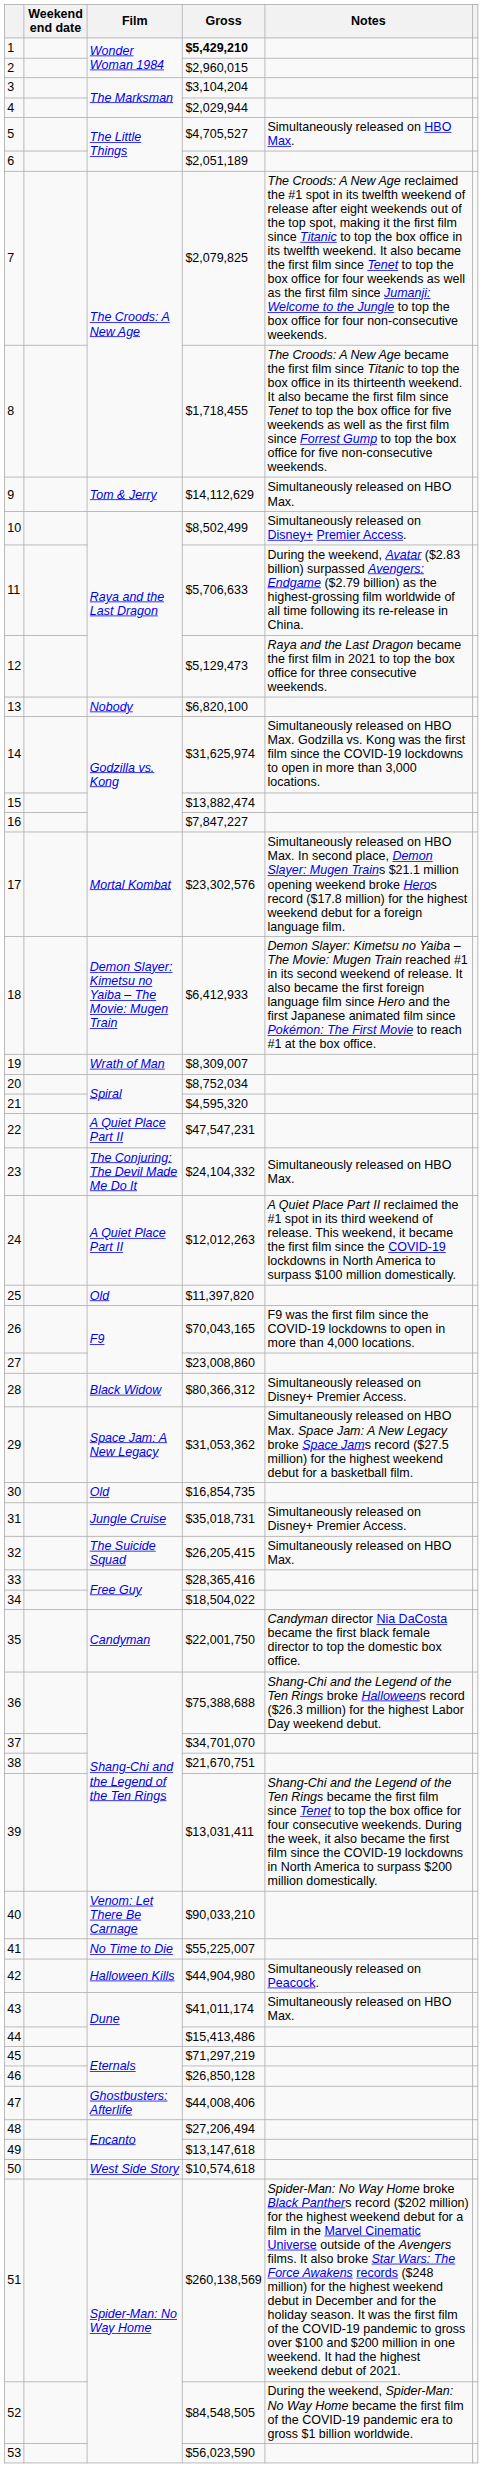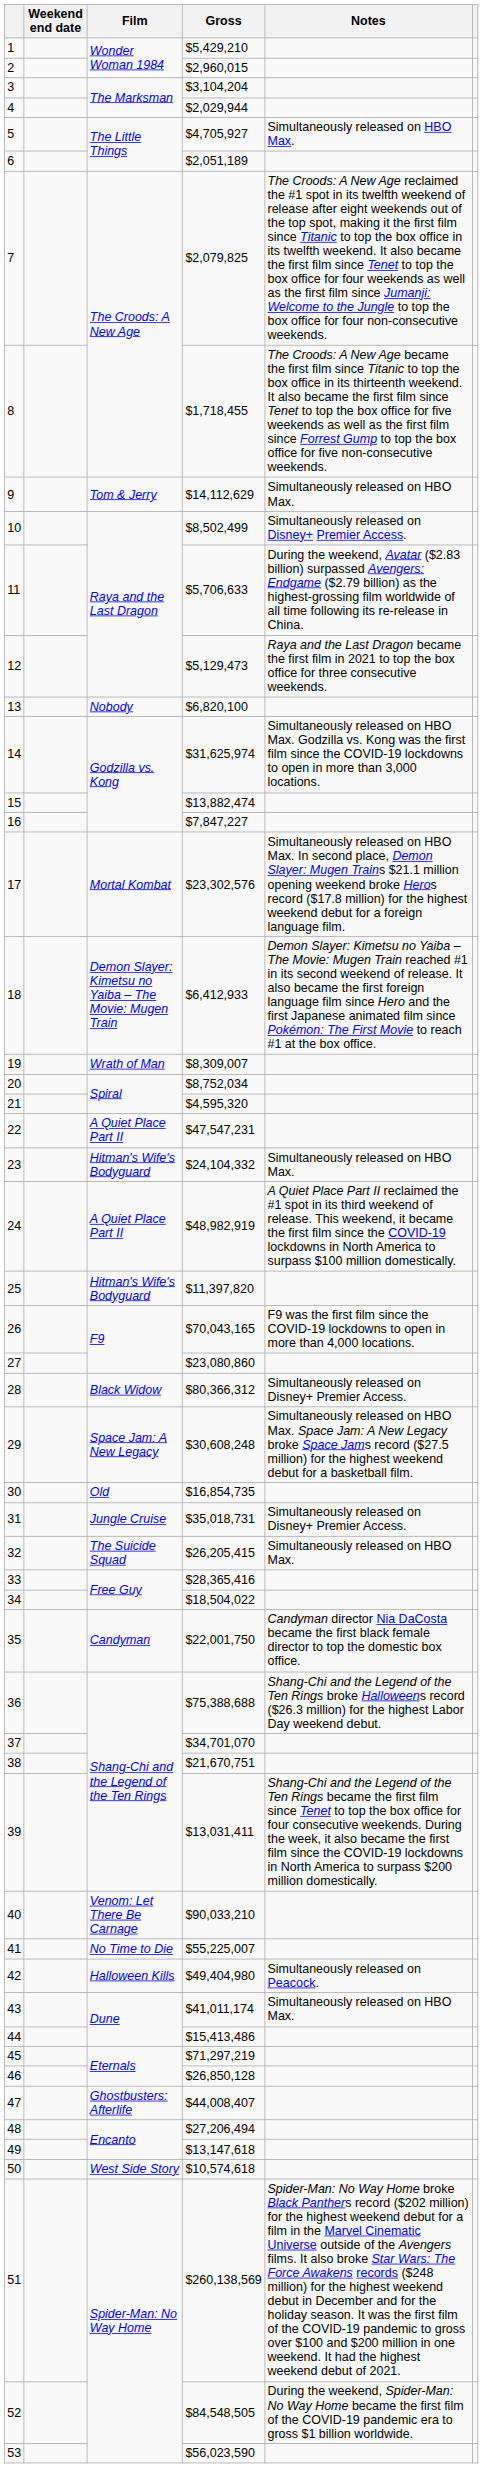 <table class="wikitable sortable">
 <tr>
 <th></th>
 <th>Weekend end date</th>
 <th>Film</th>
 <th>Gross</th>
 <th>Notes</th>
 <th class="unsortable"></th>
 </tr>
 <tr>
 <td>1</td>
 <td></td>
 <td rowspan="2"><em><a href='#'>Wonder Woman 1984</a></em></td>
-<td><strong>$5,429,210</strong></td>
+<td>$5,429,210</td>
 <td></td>
 <td></td>
 </tr>
 <tr>
 <td>2</td>
 <td></td>
 <td>$2,960,015</td>
 <td></td>
 <td></td>
 </tr>
 <tr>
 <td>3</td>
 <td></td>
 <td rowspan='2'><em><a href='#'>The Marksman</a></em></td>
 <td>$3,104,204</td>
 <td></td>
 <td></td>
 </tr>
 <tr>
 <td>4</td>
 <td></td>
 <td>$2,029,944</td>
 <td></td>
 <td></td>
 </tr>
 <tr>
 <td>5</td>
 <td></td>
 <td rowspan='2'><em><a href='#'>The Little Things</a></em></td>
-<td>$4,705,527</td>
+<td>$4,705,927</td>
 <td>Simultaneously released on <a href='#'>HBO Max</a>.</td>
 <td></td>
 </tr>
 <tr>
 <td>6</td>
 <td></td>
 <td>$2,051,189</td>
 <td></td>
 <td></td>
 </tr>
 <tr>
 <td>7</td>
 <td></td>
 <td rowspan='2'><em><a href='#'>The Croods: A New Age</a></em></td>
 <td>$2,079,825</td>
 <td><em>The Croods: A New Age</em> reclaimed the #1 spot in its twelfth weekend of release after eight weekends out of the top spot, making it the first film since <em><a href='#'>Titanic</a></em> to top the box office in its twelfth weekend. It also became the first film since <em><a href='#'>Tenet</a></em> to top the box office for four weekends as well as the first film since <em><a href='#'>Jumanji: Welcome to the Jungle</a></em> to top the box office for four non-consecutive weekends.</td>
 <td></td>
 </tr>
 <tr>
 <td>8</td>
 <td></td>
 <td>$1,718,455</td>
 <td><em>The Croods: A New Age</em> became the first film since <em>Titanic</em> to top the box office in its thirteenth weekend. It also became the first film since <em>Tenet</em> to top the box office for five weekends as well as the first film since <em><a href='#'>Forrest Gump</a></em> to top the box office for five non-consecutive weekends.</td>
 <td></td>
 </tr>
 <tr>
 <td>9</td>
 <td></td>
 <td><em><a href='#'>Tom & Jerry</a></em></td>
 <td>$14,112,629</td>
 <td>Simultaneously released on HBO Max.</td>
 <td></td>
 </tr>
 <tr>
 <td>10</td>
 <td></td>
 <td rowspan='3'><em><a href='#'>Raya and the Last Dragon</a></em></td>
 <td>$8,502,499</td>
 <td>Simultaneously released on <a href='#'>Disney+</a> <a href='#'>Premier Access</a>.</td>
 <td></td>
 </tr>
 <tr>
 <td>11</td>
 <td></td>
 <td>$5,706,633</td>
 <td>During the weekend, <em><a href='#'>Avatar</a></em> ($2.83 billion) surpassed <em><a href='#'>Avengers: Endgame</a></em> ($2.79 billion) as the highest-grossing film worldwide of all time following its re-release in China.</td>
 <td></td>
 </tr>
 <tr>
 <td>12</td>
 <td></td>
 <td>$5,129,473</td>
 <td><em>Raya and the Last Dragon</em> became the first film in 2021 to top the box office for three consecutive weekends.</td>
 <td></td>
 </tr>
 <tr>
 <td>13</td>
 <td></td>
 <td><em><a href='#'>Nobody</a></em></td>
 <td>$6,820,100</td>
 <td></td>
 <td></td>
 </tr>
 <tr>
 <td>14</td>
 <td></td>
 <td rowspan="3"><em><a href='#'>Godzilla vs. Kong</a></em></td>
 <td>$31,625,974</td>
 <td>Simultaneously released on HBO Max. Godzilla vs. Kong was the first film since the COVID-19 lockdowns to open in more than 3,000 locations.</td>
 <td></td>
 </tr>
 <tr>
 <td>15</td>
 <td></td>
 <td>$13,882,474</td>
 <td></td>
 <td></td>
 </tr>
 <tr>
 <td>16</td>
 <td></td>
 <td>$7,847,227</td>
 <td></td>
 <td></td>
 </tr>
 <tr>
 <td>17</td>
 <td></td>
 <td><em><a href='#'>Mortal Kombat</a></em></td>
 <td>$23,302,576</td>
 <td>Simultaneously released on HBO Max. In second place, <em><a href='#'>Demon Slayer: Mugen Train</a></em>s $21.1 million opening weekend broke <em><a href='#'>Hero</a></em>s record ($17.8 million) for the highest weekend debut for a foreign language film.</td>
 <td></td>
 </tr>
 <tr>
 <td>18</td>
 <td></td>
 <td><em><a href='#'>Demon Slayer: Kimetsu no Yaiba – The Movie: Mugen Train</a></em></td>
 <td>$6,412,933</td>
 <td><em>Demon Slayer: Kimetsu no Yaiba – The Movie: Mugen Train</em> reached #1 in its second weekend of release. It also became the first foreign language film since <em>Hero</em> and the first Japanese animated film since <em><a href='#'>Pokémon: The First Movie</a></em> to reach #1 at the box office.</td>
 <td></td>
 </tr>
 <tr>
 <td>19</td>
 <td></td>
 <td><em><a href='#'>Wrath of Man</a></em></td>
 <td>$8,309,007</td>
 <td></td>
 <td></td>
 </tr>
 <tr>
 <td>20</td>
 <td></td>
 <td rowspan="2"><em><a href='#'>Spiral</a></em></td>
 <td>$8,752,034</td>
 <td></td>
 <td></td>
 </tr>
 <tr>
 <td>21</td>
 <td></td>
 <td>$4,595,320</td>
 <td></td>
 <td></td>
 </tr>
 <tr>
 <td>22</td>
 <td></td>
 <td><em><a href='#'>A Quiet Place Part II</a></em></td>
 <td>$47,547,231</td>
 <td></td>
 <td></td>
 </tr>
 <tr>
 <td>23</td>
 <td></td>
-<td><em><a href='#'>The Conjuring: The Devil Made Me Do It</a></em></td>
+<td><em><a href='#'>Hitman's Wife's Bodyguard</a></em></td>
 <td>$24,104,332</td>
 <td>Simultaneously released on HBO Max.</td>
 <td></td>
 </tr>
 <tr>
 <td>24</td>
 <td></td>
 <td><em><a href='#'>A Quiet Place Part II</a></em></td>
-<td>$12,012,263</td>
+<td>$48,982,919</td>
 <td><em>A Quiet Place Part II</em> reclaimed the #1 spot in its third weekend of release. This weekend, it became the first film since the <a href='#'>COVID-19</a> lockdowns in North America to surpass $100 million domestically.</td>
 <td></td>
 </tr>
 <tr>
 <td>25</td>
 <td></td>
-<td><em><a href='#'>Old</a></em></td>
+<td><em><a href='#'>Hitman's Wife's Bodyguard</a></em></td>
 <td>$11,397,820</td>
 <td></td>
 <td></td>
 </tr>
 <tr>
 <td>26</td>
 <td></td>
 <td rowspan="2"><em><a href='#'>F9</a></em></td>
 <td>$70,043,165</td>
 <td>F9 was the first film since the COVID-19 lockdowns to open in more than 4,000 locations.</td>
 <td></td>
 </tr>
 <tr>
 <td>27</td>
 <td></td>
-<td>$23,008,860</td>
+<td>$23,080,860</td>
 <td></td>
 <td></td>
 </tr>
 <tr>
 <td>28</td>
 <td></td>
 <td><em><a href='#'>Black Widow</a></em></td>
 <td>$80,366,312</td>
 <td>Simultaneously released on Disney+ Premier Access.</td>
 <td></td>
 </tr>
 <tr>
 <td>29</td>
 <td></td>
 <td><em><a href='#'>Space Jam: A New Legacy</a></em></td>
-<td>$31,053,362</td>
+<td>$30,608,248</td>
 <td>Simultaneously released on HBO Max. <em>Space Jam: A New Legacy</em> broke <em><a href='#'>Space Jam</a></em>s record ($27.5 million) for the highest weekend debut for a basketball film.</td>
 <td></td>
 </tr>
 <tr>
 <td>30</td>
 <td></td>
 <td><em><a href='#'>Old</a></em></td>
 <td>$16,854,735</td>
 <td></td>
 <td></td>
 </tr>
 <tr>
 <td>31</td>
 <td></td>
 <td><em><a href='#'>Jungle Cruise</a></em></td>
 <td>$35,018,731</td>
 <td>Simultaneously released on Disney+ Premier Access.</td>
 <td></td>
 </tr>
 <tr>
 <td>32</td>
 <td></td>
 <td><em><a href='#'>The Suicide Squad</a></em></td>
 <td>$26,205,415</td>
 <td>Simultaneously released on HBO Max.</td>
 <td></td>
 </tr>
 <tr>
 <td>33</td>
 <td></td>
 <td rowspan="2"><em><a href='#'>Free Guy</a></em></td>
 <td>$28,365,416</td>
 <td></td>
 <td></td>
 </tr>
 <tr>
 <td>34</td>
 <td></td>
 <td>$18,504,022</td>
 <td></td>
 <td></td>
 </tr>
 <tr>
 <td>35</td>
 <td></td>
 <td><em><a href='#'>Candyman</a></em></td>
 <td>$22,001,750</td>
 <td><em>Candyman</em> director <a href='#'>Nia DaCosta</a> became the first black female director to top the domestic box office.</td>
 <td></td>
 </tr>
 <tr>
 <td>36</td>
 <td></td>
 <td rowspan='4'><em><a href='#'>Shang-Chi and the Legend of the Ten Rings</a></em></td>
 <td>$75,388,688</td>
 <td><em>Shang-Chi and the Legend of the Ten Rings</em> broke <em><a href='#'>Halloween</a></em>s record ($26.3 million) for the highest Labor Day weekend debut.</td>
 <td></td>
 </tr>
 <tr>
 <td>37</td>
 <td></td>
 <td>$34,701,070</td>
 <td></td>
 <td></td>
 </tr>
 <tr>
 <td>38</td>
 <td></td>
 <td>$21,670,751</td>
 <td></td>
 <td></td>
 </tr>
 <tr>
 <td>39</td>
 <td></td>
 <td>$13,031,411</td>
 <td><em>Shang-Chi and the Legend of the Ten Rings</em> became the first film since <em><a href='#'>Tenet</a></em> to top the box office for four consecutive weekends. During the week, it also became the first film since the COVID-19 lockdowns in North America to surpass $200 million domestically.</td>
 <td></td>
 </tr>
 <tr>
 <td>40</td>
 <td></td>
 <td><em><a href='#'>Venom: Let There Be Carnage</a></em></td>
 <td>$90,033,210</td>
 <td></td>
 <td></td>
 </tr>
 <tr>
 <td>41</td>
 <td></td>
 <td><em><a href='#'>No Time to Die</a></em></td>
 <td>$55,225,007</td>
 <td></td>
 <td></td>
 </tr>
 <tr>
 <td>42</td>
 <td></td>
 <td><em><a href='#'>Halloween Kills</a></em></td>
-<td>$44,904,980</td>
+<td>$49,404,980</td>
 <td>Simultaneously released on <a href='#'>Peacock</a>.</td>
 <td></td>
 </tr>
 <tr>
 <td>43</td>
 <td></td>
 <td rowspan="2"><em><a href='#'>Dune</a></em></td>
 <td>$41,011,174</td>
 <td>Simultaneously released on HBO Max.</td>
 <td></td>
 </tr>
 <tr>
 <td>44</td>
 <td></td>
 <td>$15,413,486</td>
 <td></td>
 <td></td>
 </tr>
 <tr>
 <td>45</td>
 <td></td>
 <td rowspan="2"><em><a href='#'>Eternals</a></em></td>
 <td>$71,297,219</td>
 <td></td>
 <td></td>
 </tr>
 <tr>
 <td>46</td>
 <td></td>
 <td>$26,850,128</td>
 <td></td>
 <td></td>
 </tr>
 <tr>
 <td>47</td>
 <td></td>
 <td><em><a href='#'>Ghostbusters: Afterlife</a></em></td>
-<td>$44,008,406</td>
+<td>$44,008,407</td>
 <td></td>
 <td></td>
 </tr>
 <tr>
 <td>48</td>
 <td></td>
 <td rowspan="2"><em><a href='#'>Encanto</a></em></td>
 <td>$27,206,494</td>
 <td></td>
 <td></td>
 </tr>
 <tr>
 <td>49</td>
 <td></td>
 <td>$13,147,618</td>
 <td></td>
 <td></td>
 </tr>
 <tr>
 <td>50</td>
 <td></td>
 <td><em><a href='#'>West Side Story</a></em></td>
 <td>$10,574,618</td>
 <td></td>
 <td></td>
 </tr>
 <tr>
 <td>51</td>
 <td></td>
 <td rowspan="3"><em><a href='#'>Spider-Man: No Way Home</a></em></td>
 <td>$260,138,569</td>
 <td><em>Spider-Man: No Way Home</em> broke <em><a href='#'>Black Panther</a></em>s record ($202 million) for the highest weekend debut for a film in the <a href='#'>Marvel Cinematic Universe</a> outside of the <em>Avengers</em> films. It also broke <em><a href='#'>Star Wars: The Force Awakens</a></em> <a href='#'>records</a> ($248 million) for the highest weekend debut in December and for the holiday season. It was the first film of the COVID-19 pandemic to gross over $100 and $200 million in one weekend. It had the highest weekend debut of 2021.</td>
 <td></td>
 </tr>
 <tr>
 <td>52</td>
 <td></td>
 <td>$84,548,505</td>
 <td>During the weekend, <em>Spider-Man: No Way Home</em> became the first film of the COVID-19 pandemic era to gross $1 billion worldwide.</td>
 <td></td>
 </tr>
 <tr>
 <td>53</td>
 <td></td>
 <td>$56,023,590</td>
 <td></td>
 <td></td>
 </tr>
 </table>
